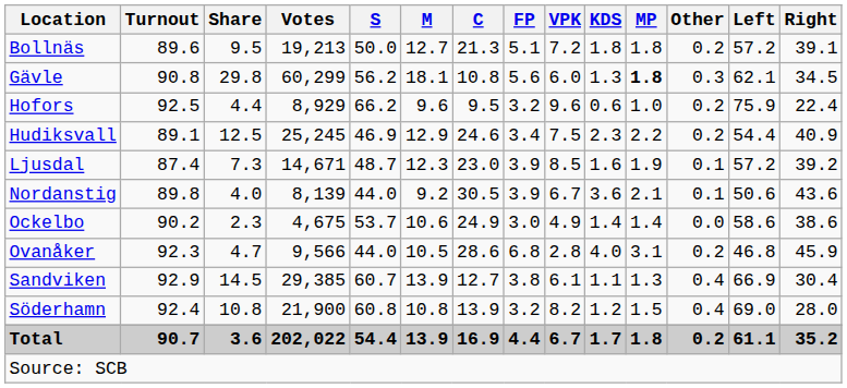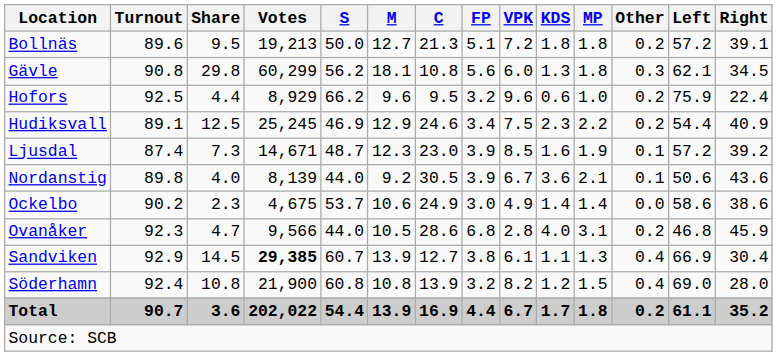 <table class="wikitable sortable" style=text-align:right>
 <tr>
 <th>Location</th>
 <th>Turnout</th>
 <th>Share</th>
 <th>Votes</th>
 <th><a href='#'>S</a></th>
 <th><a href='#'>M</a></th>
 <th><a href='#'>C</a></th>
 <th><a href='#'>FP</a></th>
 <th><a href='#'>VPK</a></th>
 <th><a href='#'>KDS</a></th>
 <th><a href='#'>MP</a></th>
 <th>Other</th>
 <th>Left</th>
 <th>Right</th>
 </tr>
 <tr>
 <td align=left><a href='#'>Bollnäs</a></td>
 <td>89.6</td>
 <td>9.5</td>
 <td>19,213</td>
 <td>50.0</td>
 <td>12.7</td>
 <td>21.3</td>
 <td>5.1</td>
 <td>7.2</td>
 <td>1.8</td>
 <td>1.8</td>
 <td>0.2</td>
 <td>57.2</td>
 <td>39.1</td>
 </tr>
 <tr>
 <td align=left><a href='#'>Gävle</a></td>
 <td>90.8</td>
 <td>29.8</td>
 <td>60,299</td>
 <td>56.2</td>
 <td>18.1</td>
 <td>10.8</td>
 <td>5.6</td>
 <td>6.0</td>
 <td>1.3</td>
-<td><strong>1.8</strong></td>
+<td>1.8</td>
 <td>0.3</td>
 <td>62.1</td>
 <td>34.5</td>
 </tr>
 <tr>
 <td align=left><a href='#'>Hofors</a></td>
 <td>92.5</td>
 <td>4.4</td>
 <td>8,929</td>
 <td>66.2</td>
 <td>9.6</td>
 <td>9.5</td>
 <td>3.2</td>
 <td>9.6</td>
 <td>0.6</td>
 <td>1.0</td>
 <td>0.2</td>
 <td>75.9</td>
 <td>22.4</td>
 </tr>
 <tr>
 <td align=left><a href='#'>Hudiksvall</a></td>
 <td>89.1</td>
 <td>12.5</td>
 <td>25,245</td>
 <td>46.9</td>
 <td>12.9</td>
 <td>24.6</td>
 <td>3.4</td>
 <td>7.5</td>
 <td>2.3</td>
 <td>2.2</td>
 <td>0.2</td>
 <td>54.4</td>
 <td>40.9</td>
 </tr>
 <tr>
 <td align=left><a href='#'>Ljusdal</a></td>
 <td>87.4</td>
 <td>7.3</td>
 <td>14,671</td>
 <td>48.7</td>
 <td>12.3</td>
 <td>23.0</td>
 <td>3.9</td>
 <td>8.5</td>
 <td>1.6</td>
 <td>1.9</td>
 <td>0.1</td>
 <td>57.2</td>
 <td>39.2</td>
 </tr>
 <tr>
 <td align=left><a href='#'>Nordanstig</a></td>
 <td>89.8</td>
 <td>4.0</td>
 <td>8,139</td>
 <td>44.0</td>
 <td>9.2</td>
 <td>30.5</td>
 <td>3.9</td>
 <td>6.7</td>
 <td>3.6</td>
 <td>2.1</td>
 <td>0.1</td>
 <td>50.6</td>
 <td>43.6</td>
 </tr>
 <tr>
 <td align=left><a href='#'>Ockelbo</a></td>
 <td>90.2</td>
 <td>2.3</td>
 <td>4,675</td>
 <td>53.7</td>
 <td>10.6</td>
 <td>24.9</td>
 <td>3.0</td>
 <td>4.9</td>
 <td>1.4</td>
 <td>1.4</td>
 <td>0.0</td>
 <td>58.6</td>
 <td>38.6</td>
 </tr>
 <tr>
 <td align=left><a href='#'>Ovanåker</a></td>
 <td>92.3</td>
 <td>4.7</td>
 <td>9,566</td>
 <td>44.0</td>
 <td>10.5</td>
 <td>28.6</td>
 <td>6.8</td>
 <td>2.8</td>
 <td>4.0</td>
 <td>3.1</td>
 <td>0.2</td>
 <td>46.8</td>
 <td>45.9</td>
 </tr>
 <tr>
 <td align=left><a href='#'>Sandviken</a></td>
 <td>92.9</td>
 <td>14.5</td>
-<td>29,385</td>
+<td><strong>29,385</strong></td>
 <td>60.7</td>
 <td>13.9</td>
 <td>12.7</td>
 <td>3.8</td>
 <td>6.1</td>
 <td>1.1</td>
 <td>1.3</td>
 <td>0.4</td>
 <td>66.9</td>
 <td>30.4</td>
 </tr>
 <tr>
 <td align=left><a href='#'>Söderhamn</a></td>
 <td>92.4</td>
 <td>10.8</td>
 <td>21,900</td>
 <td>60.8</td>
 <td>10.8</td>
 <td>13.9</td>
 <td>3.2</td>
 <td>8.2</td>
 <td>1.2</td>
 <td>1.5</td>
 <td>0.4</td>
 <td>69.0</td>
 <td>28.0</td>
 </tr>
 <tr>
 </tr>
 <tr style="background:#CDCDCD;">
 <td align=left><strong>Total</strong></td>
 <td><strong>90.7</strong></td>
 <td><strong>3.6</strong></td>
 <td><strong>202,022</strong></td>
 <td><strong>54.4</strong></td>
 <td><strong>13.9</strong></td>
 <td><strong>16.9</strong></td>
 <td><strong>4.4</strong></td>
 <td><strong>6.7</strong></td>
 <td><strong>1.7</strong></td>
 <td><strong>1.8</strong></td>
 <td><strong>0.2</strong></td>
 <td><strong>61.1</strong></td>
 <td><strong>35.2</strong></td>
 </tr>
 <tr>
 <td align=left colspan=14>Source: SCB </td>
 </tr>
 </table>
